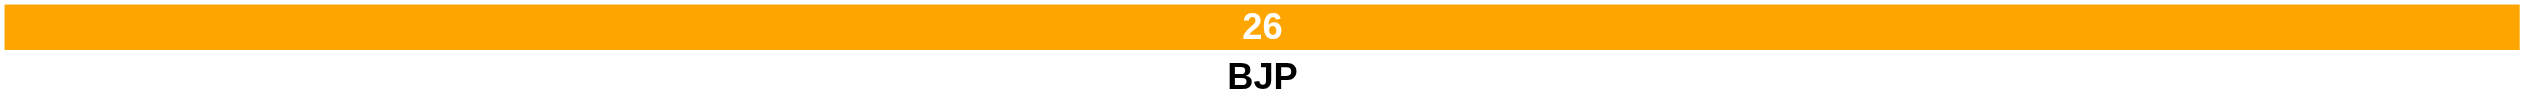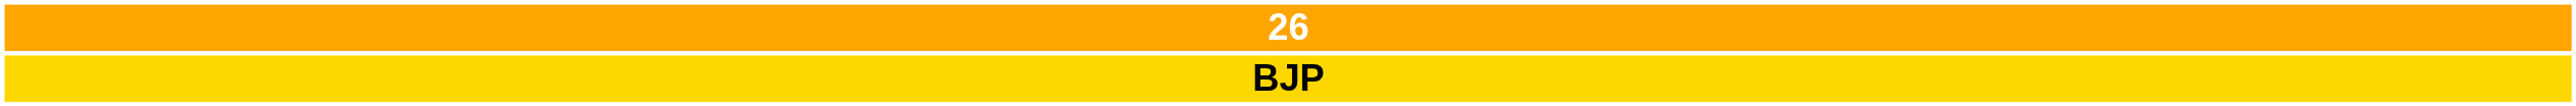 <table style="width:88%; text-align:center;">
 <tr style="color:white;">
 <td style="background:orange; width:100%;"><strong>26</strong></td>
 </tr>
 <tr>
-<td><span><strong>BJP</strong></span></td>
+<td style="background: gold;"><span><strong>BJP</strong></span></td>
 </tr>
 </table>
